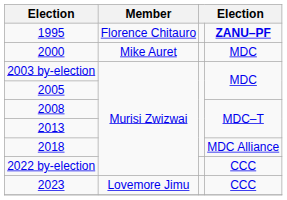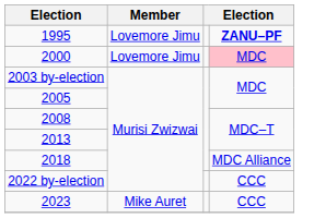 <table class="wikitable" style="text-align:center">
 <tr>
 <th>Election</th>
 <th>Member</th>
 <th colspan="2">Election</th>
 </tr>
 <tr>
 <td><a href='#'>1995</a></td>
-<td><a href='#'>Florence Chitauro</a></td>
+<td><a href='#'>Lovemore Jimu</a></td>
 <td style="background-color: "></td>
 <td><strong><a href='#'>ZANU–PF</a></strong></td>
 </tr>
 <tr>
 <td><a href='#'>2000</a></td>
-<td><a href='#'>Mike Auret</a></td>
+<td><a href='#'>Lovemore Jimu</a></td>
 <td style="background-color: "></td>
-<td><a href='#'>MDC</a></td>
+<td style="background: pink;"><a href='#'>MDC</a></td>
 </tr>
 <tr>
 <td><a href='#'>2003 by-election</a></td>
 <td rowspan="6"><a href='#'>Murisi Zwizwai</a></td>
 <td rowspan="5" style="background-color: "></td>
 <td rowspan="2"><a href='#'>MDC</a></td>
 </tr>
 <tr>
 <td><a href='#'>2005</a></td>
 </tr>
 <tr>
 <td><a href='#'>2008</a></td>
 <td rowspan="2"><a href='#'>MDC–T</a></td>
 </tr>
 <tr>
 <td><a href='#'>2013</a></td>
 </tr>
 <tr>
 <td><a href='#'>2018</a></td>
 <td><a href='#'>MDC Alliance</a></td>
 </tr>
 <tr>
 <td><a href='#'>2022 by-election</a></td>
 <td style="background-color: "></td>
 <td><a href='#'>CCC</a></td>
 </tr>
 <tr>
 <td><a href='#'>2023</a></td>
-<td><a href='#'>Lovemore Jimu</a></td>
+<td><a href='#'>Mike Auret</a></td>
 <td style="background-color: "></td>
 <td><a href='#'>CCC</a></td>
 </tr>
 <tr>
 </tr>
 </table>
